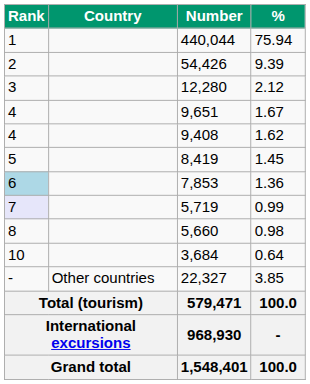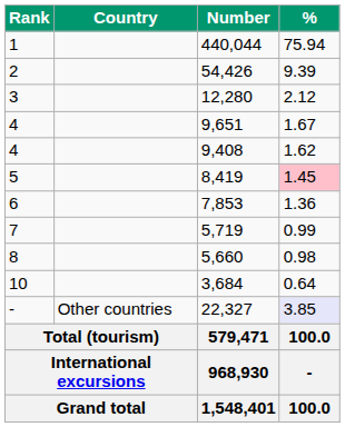 <table class="wikitable">
 <tr style="color:white;">
 <th style="width:5px; background:#00966E;">Rank</th>
 <th style="width:130px; background:#00966E;">Country</th>
 <th style="width:50px; background:#00966E;">Number</th>
 <th style="width:50px; background:#00966E;">%</th>
 </tr>
 <tr>
 <td>1</td>
 <td></td>
 <td>440,044</td>
 <td>75.94</td>
 </tr>
 <tr>
 <td>2</td>
 <td></td>
 <td>54,426</td>
 <td>9.39</td>
 </tr>
 <tr>
 <td>3</td>
 <td></td>
 <td>12,280</td>
 <td>2.12</td>
 </tr>
 <tr>
 <td>4</td>
 <td></td>
 <td>9,651</td>
 <td>1.67</td>
 </tr>
 <tr>
 <td>4</td>
 <td></td>
 <td>9,408</td>
 <td>1.62</td>
 </tr>
 <tr>
 <td>5</td>
 <td></td>
 <td>8,419</td>
-<td>1.45</td>
+<td style="background: pink;">1.45</td>
 </tr>
 <tr>
-<td style="background: lightblue;">6</td>
+<td>6</td>
 <td></td>
 <td>7,853</td>
 <td>1.36</td>
 </tr>
 <tr>
-<td style="background: lavender;">7</td>
+<td>7</td>
 <td></td>
 <td>5,719</td>
 <td>0.99</td>
 </tr>
 <tr>
 <td>8</td>
 <td></td>
 <td>5,660</td>
 <td>0.98</td>
 </tr>
 <tr>
 <td>10</td>
 <td></td>
 <td>3,684</td>
 <td>0.64</td>
 </tr>
 <tr>
 <td>-</td>
 <td>Other countries</td>
 <td>22,327</td>
-<td>3.85</td>
+<td style="background: lavender;">3.85</td>
 </tr>
 <tr>
 <th colspan=2>Total (tourism)</th>
 <th>579,471</th>
 <th>100.0</th>
 </tr>
 <tr>
 <th colspan=2>International <a href='#'>excursions</a></th>
 <th>968,930</th>
 <th>-</th>
 </tr>
 <tr>
 <th colspan=2>Grand total</th>
 <th>1,548,401</th>
 <th>100.0</th>
 </tr>
 </table>
